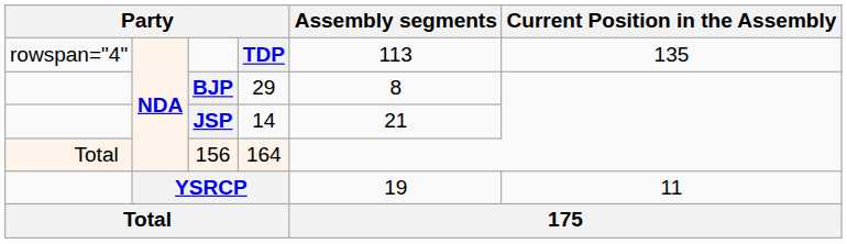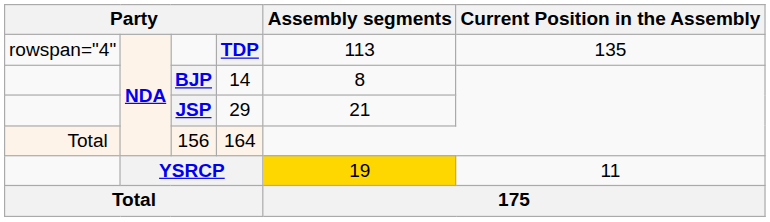 <table class="wikitable" style="text-align:center">
 <tr>
 <th colspan=4>Party</th>
 <th>Assembly segments</th>
 <th>Current Position in the Assembly</th>
 </tr>
 <tr>
 <td>rowspan="4" </td>
 <th rowspan="4"style="background:#fef3e8"><a href='#'>NDA</a></th>
 <td></td>
 <th><a href='#'>TDP</a></th>
 <td>113</td>
 <td>135</td>
 </tr>
 <tr>
 <td></td>
 <th><a href='#'>BJP</a></th>
-<td>29</td>
+<td>14</td>
 <td>8</td>
 </tr>
 <tr>
 <td></td>
 <th><a href='#'>JSP</a></th>
-<td>14</td>
+<td>29</td>
 <td>21</td>
 </tr>
 <tr>
 <td colspan="2"style="background:#fef3e8">Total</td>
 <td style="background:#fef3e8">156</td>
 <td style="background:#fef3e8">164</td>
 </tr>
 <tr>
 <td></td>
 <th colspan=3><a href='#'>YSRCP</a></th>
-<td>19</td>
+<td style="background: gold;">19</td>
 <td>11</td>
 </tr>
 <tr>
 <th colspan=4>Total</th>
 <th colspan=2>175</th>
 </tr>
 </table>
